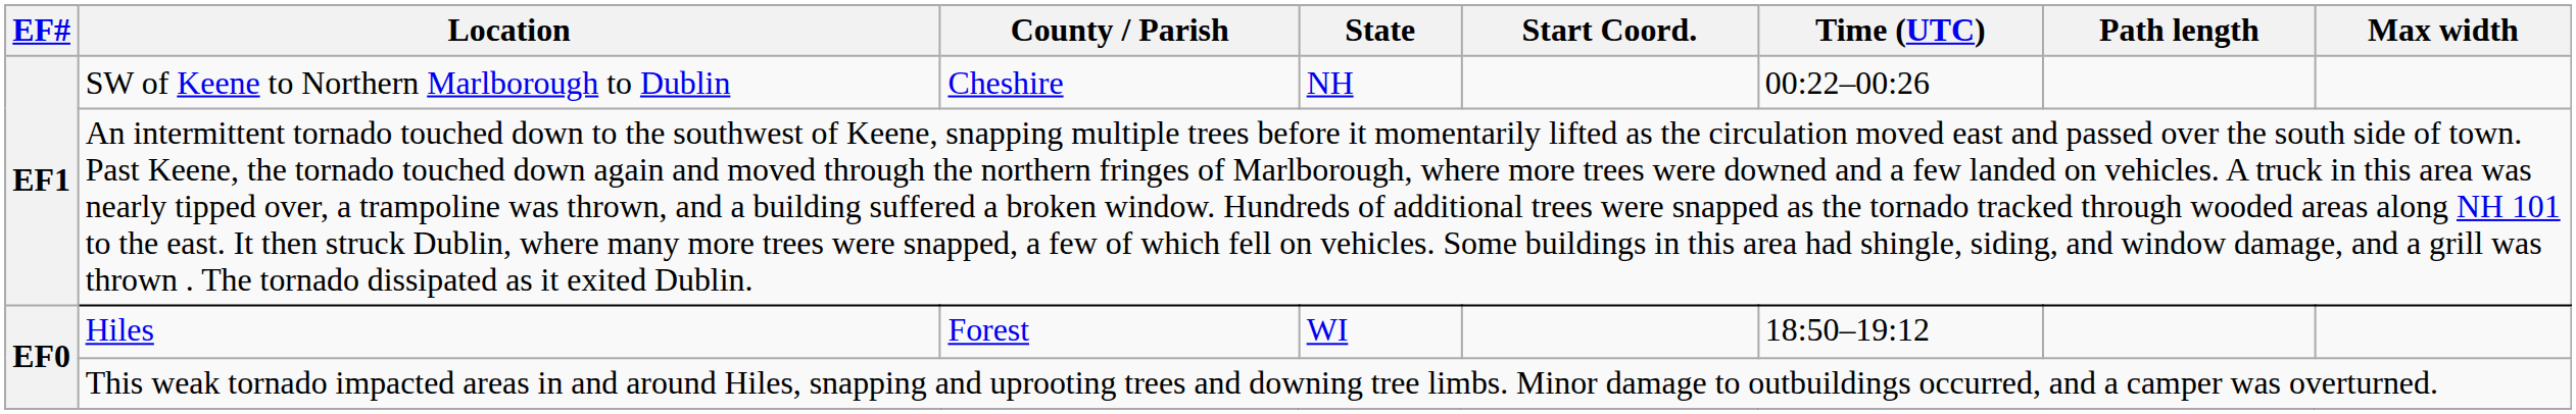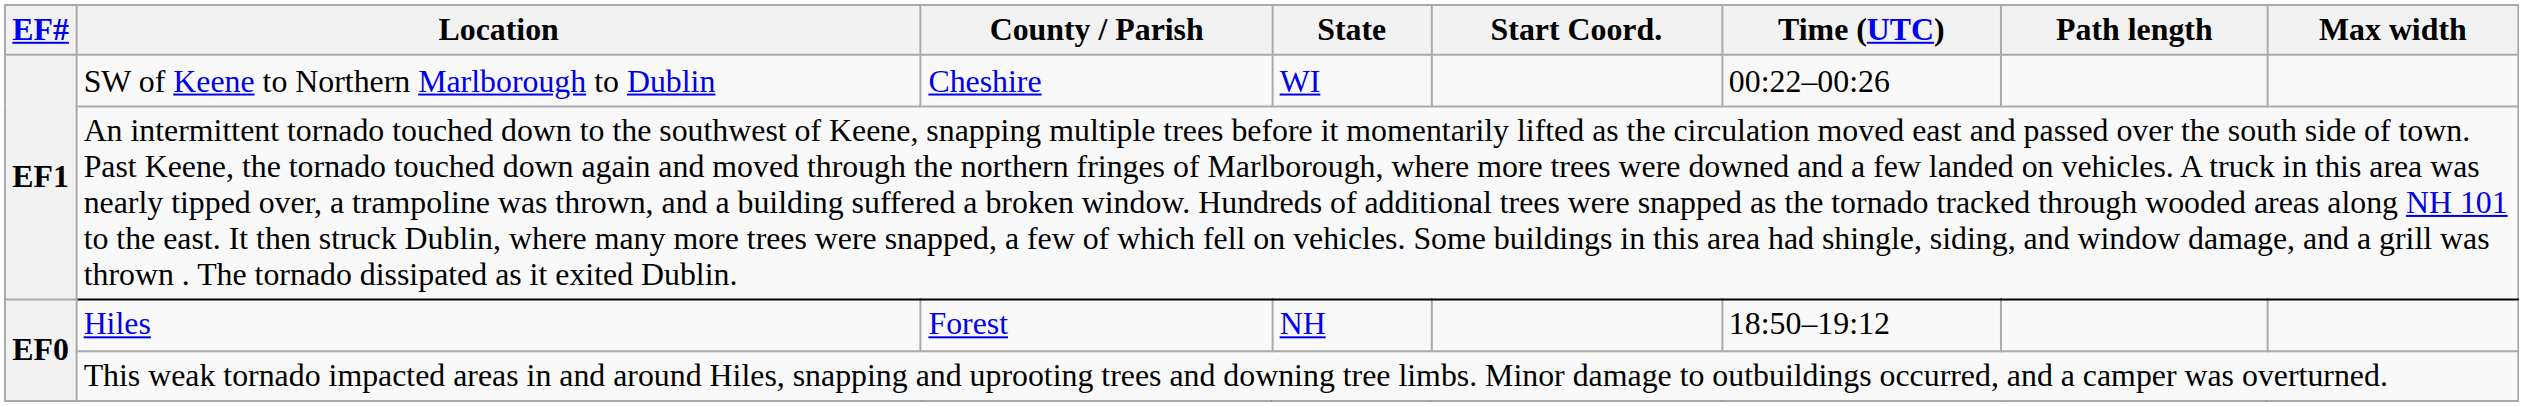 <table class="wikitable sortable" style="width:100%;">
 <tr>
 <th scope="col" width="2%" align="center"><a href='#'>EF#</a></th>
 <th scope="col" align="center" class="unsortable">Location</th>
 <th scope="col" align="center" class="unsortable">County / Parish</th>
 <th scope="col" align="center">State</th>
 <th scope="col" align="center">Start Coord.</th>
 <th scope="col" align="center">Time (<a href='#'>UTC</a>)</th>
 <th scope="col" align="center">Path length</th>
 <th scope="col" align="center">Max width</th>
 </tr>
 <tr>
 <th scope="row" rowspan="2" style="background-color:#">EF1</th>
 <td>SW of <a href='#'>Keene</a> to Northern <a href='#'>Marlborough</a> to <a href='#'>Dublin</a></td>
 <td><a href='#'>Cheshire</a></td>
-<td><a href='#'>NH</a></td>
+<td><a href='#'>WI</a></td>
 <td></td>
 <td>00:22–00:26</td>
 <td></td>
 <td></td>
 </tr>
 <tr class="expand-child">
 <td colspan="8" style=" border-bottom: 1px solid black;">An intermittent tornado touched down to the southwest of Keene, snapping multiple trees before it momentarily lifted as the circulation moved east and passed over the south side of town. Past Keene, the tornado touched down again and moved through the northern fringes of Marlborough, where more trees were downed and a few landed on vehicles. A truck in this area was nearly tipped over, a trampoline was thrown, and a building suffered a broken window. Hundreds of additional trees were snapped as the tornado tracked through wooded areas along <a href='#'>NH 101</a> to the east. It then struck Dublin, where many more trees were snapped, a few of which fell on vehicles. Some buildings in this area had shingle, siding, and window damage, and a grill was thrown . The tornado dissipated as it exited Dublin. </td>
 </tr>
 <tr>
 <th scope="row" rowspan="2" style="background-color:#">EF0</th>
 <td><a href='#'>Hiles</a></td>
 <td><a href='#'>Forest</a></td>
-<td><a href='#'>WI</a></td>
+<td><a href='#'>NH</a></td>
 <td></td>
 <td>18:50–19:12</td>
 <td></td>
 <td></td>
 </tr>
 <tr class="expand-child">
 <td colspan="8" style=" border-bottom: 1px solid black;">This weak tornado impacted areas in and around Hiles, snapping and uprooting trees and downing tree limbs. Minor damage to outbuildings occurred, and a camper was overturned.</td>
 </tr>
 <tr>
 </tr>
 </table>
